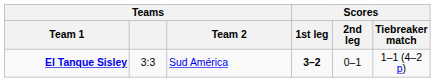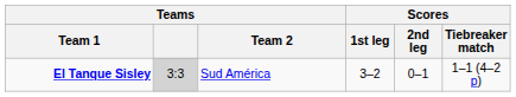 <table class="wikitable" style="text-align: center;">
 <tr>
 <th colspan=3>Teams</th>
 <th colspan=3>Scores</th>
 </tr>
 <tr>
 <th width="185">Team 1</th>
 <th width="50"></th>
 <th width="185">Team 2</th>
 <th width="55">1st leg</th>
 <th width="55">2nd leg</th>
 <th width="75">Tiebreaker match</th>
 </tr>
 <tr>
 <td align=right><strong><a href='#'>El Tanque Sisley</a></strong></td>
-<td>3:3</td>
+<td style="background: lightgrey;">3:3</td>
 <td align=left><a href='#'>Sud América</a></td>
-<td><strong>3–2</strong></td>
+<td>3–2</td>
 <td>0–1</td>
 <td>1–1 (4–2 <a href='#'>p</a>)</td>
 </tr>
 </table>
